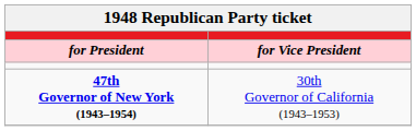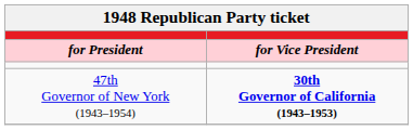 <table class="wikitable" style="font-size:90%; text-align:center;">
 <tr>
 <td style="background:#f1f1f1;" colspan="30"><big><strong>1948 Republican Party ticket</strong></big></td>
 </tr>
 <tr>
 <th style="width:3em; font-size:135%; background:#E81B23; width:200px;"><a href='#'></a></th>
 <th style="width:3em; font-size:135%; background:#E81B23; width:200px;"><a href='#'></a></th>
 </tr>
 <tr style="color:#000; font-size:100%; background:#FFD0D7;">
 <td style="width:3em; width:200px;"><strong><em>for President</em></strong></td>
 <td style="width:3em; width:200px;"><strong><em>for Vice President</em></strong></td>
 </tr>
 <tr>
 <td></td>
 <td></td>
 </tr>
 <tr>
-<td><strong><a href='#'>47th</a><br><a href='#'>Governor of New York</a><br><small>(1943–1954)</small></strong></td>
-<td><a href='#'>30th</a><br><a href='#'>Governor of California</a><br><small>(1943–1953)</small></td>
+<td><a href='#'>47th</a><br><a href='#'>Governor of New York</a><br><small>(1943–1954)</small></td>
+<td><strong><a href='#'>30th</a><br><a href='#'>Governor of California</a><br><small>(1943–1953)</small></strong></td>
 </tr>
 <tr>
 </tr>
 </table>
